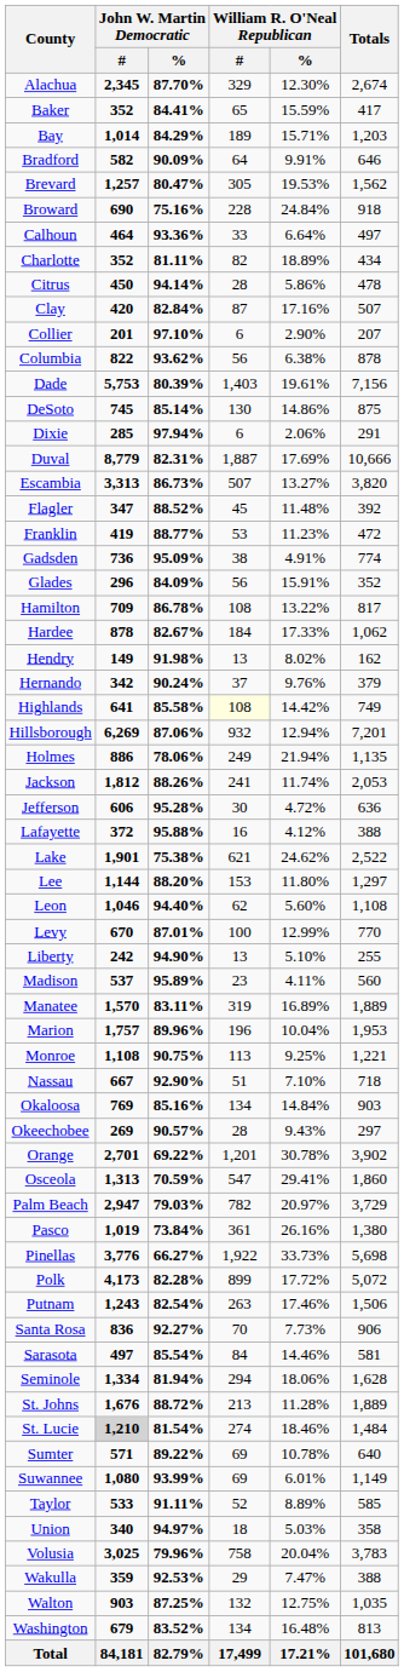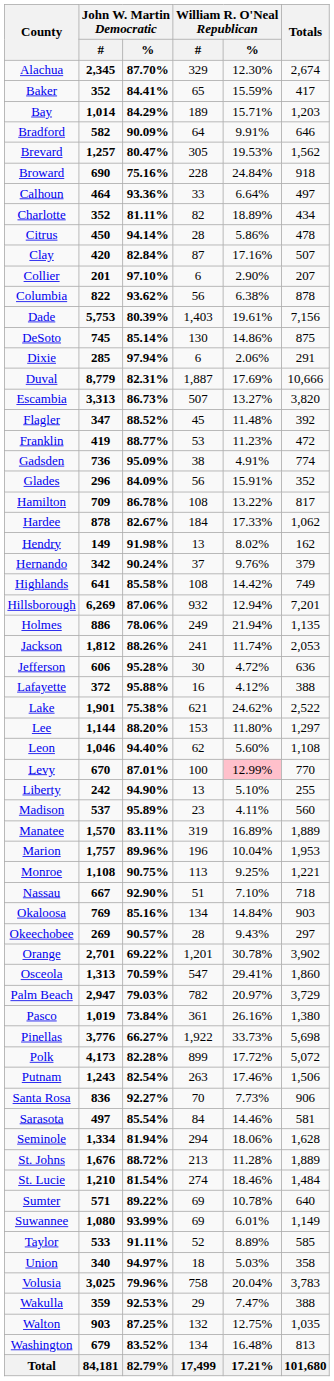 <table class="wikitable sortable">
 <tr>
 <th rowspan="2">County</th>
 <th colspan="2" style="text-align: center;" >John W. Martin <br><em>Democratic</em></th>
 <th colspan="2" style="text-align: center;" >William R. O'Neal  <br> <em>Republican</em></th>
 <th rowspan="2">Totals</th>
 </tr>
 <tr>
 <th colspan="1" style="text-align: center;" >#</th>
 <th colspan="1" style="text-align: center;" >%</th>
 <th colspan="1" style="text-align: center;" >#</th>
 <th colspan="1" style="text-align: center;" >%</th>
 </tr>
 <tr style="text-align:center;">
 <td><a href='#'>Alachua</a></td>
 <td><strong>2,345</strong></td>
 <td><strong>87.70%</strong></td>
 <td>329</td>
 <td>12.30%</td>
 <td>2,674</td>
 </tr>
 <tr style="text-align:center;">
 <td><a href='#'>Baker</a></td>
 <td><strong>352</strong></td>
 <td><strong>84.41%</strong></td>
 <td>65</td>
 <td>15.59%</td>
 <td>417</td>
 </tr>
 <tr style="text-align:center;">
 <td><a href='#'>Bay</a></td>
 <td><strong>1,014</strong></td>
 <td><strong>84.29%</strong></td>
 <td>189</td>
 <td>15.71%</td>
 <td>1,203</td>
 </tr>
 <tr style="text-align:center;">
 <td><a href='#'>Bradford</a></td>
 <td><strong>582</strong></td>
 <td><strong>90.09%</strong></td>
 <td>64</td>
 <td>9.91%</td>
 <td>646</td>
 </tr>
 <tr style="text-align:center;">
 <td><a href='#'>Brevard</a></td>
 <td><strong>1,257</strong></td>
 <td><strong>80.47%</strong></td>
 <td>305</td>
 <td>19.53%</td>
 <td>1,562</td>
 </tr>
 <tr style="text-align:center;">
 <td><a href='#'>Broward</a></td>
 <td><strong>690</strong></td>
 <td><strong>75.16%</strong></td>
 <td>228</td>
 <td>24.84%</td>
 <td>918</td>
 </tr>
 <tr style="text-align:center;">
 <td><a href='#'>Calhoun</a></td>
 <td><strong>464</strong></td>
 <td><strong>93.36%</strong></td>
 <td>33</td>
 <td>6.64%</td>
 <td>497</td>
 </tr>
 <tr style="text-align:center;">
 <td><a href='#'>Charlotte</a></td>
 <td><strong>352</strong></td>
 <td><strong>81.11%</strong></td>
 <td>82</td>
 <td>18.89%</td>
 <td>434</td>
 </tr>
 <tr style="text-align:center;">
 <td><a href='#'>Citrus</a></td>
 <td><strong>450</strong></td>
 <td><strong>94.14%</strong></td>
 <td>28</td>
 <td>5.86%</td>
 <td>478</td>
 </tr>
 <tr style="text-align:center;">
 <td><a href='#'>Clay</a></td>
 <td><strong>420</strong></td>
 <td><strong>82.84%</strong></td>
 <td>87</td>
 <td>17.16%</td>
 <td>507</td>
 </tr>
 <tr style="text-align:center;">
 <td><a href='#'>Collier</a></td>
 <td><strong>201</strong></td>
 <td><strong>97.10%</strong></td>
 <td>6</td>
 <td>2.90%</td>
 <td>207</td>
 </tr>
 <tr style="text-align:center;">
 <td><a href='#'>Columbia</a></td>
 <td><strong>822</strong></td>
 <td><strong>93.62%</strong></td>
 <td>56</td>
 <td>6.38%</td>
 <td>878</td>
 </tr>
 <tr style="text-align:center;">
 <td><a href='#'>Dade</a></td>
 <td><strong>5,753</strong></td>
 <td><strong>80.39%</strong></td>
 <td>1,403</td>
 <td>19.61%</td>
 <td>7,156</td>
 </tr>
 <tr style="text-align:center;">
 <td><a href='#'>DeSoto</a></td>
 <td><strong>745</strong></td>
 <td><strong>85.14%</strong></td>
 <td>130</td>
 <td>14.86%</td>
 <td>875</td>
 </tr>
 <tr style="text-align:center;">
 <td><a href='#'>Dixie</a></td>
 <td><strong>285</strong></td>
 <td><strong>97.94%</strong></td>
 <td>6</td>
 <td>2.06%</td>
 <td>291</td>
 </tr>
 <tr style="text-align:center;">
 <td><a href='#'>Duval</a></td>
 <td><strong>8,779</strong></td>
 <td><strong>82.31%</strong></td>
 <td>1,887</td>
 <td>17.69%</td>
 <td>10,666</td>
 </tr>
 <tr style="text-align:center;">
 <td><a href='#'>Escambia</a></td>
 <td><strong>3,313</strong></td>
 <td><strong>86.73%</strong></td>
 <td>507</td>
 <td>13.27%</td>
 <td>3,820</td>
 </tr>
 <tr style="text-align:center;">
 <td><a href='#'>Flagler</a></td>
 <td><strong>347</strong></td>
 <td><strong>88.52%</strong></td>
 <td>45</td>
 <td>11.48%</td>
 <td>392</td>
 </tr>
 <tr style="text-align:center;">
 <td><a href='#'>Franklin</a></td>
 <td><strong>419</strong></td>
 <td><strong>88.77%</strong></td>
 <td>53</td>
 <td>11.23%</td>
 <td>472</td>
 </tr>
 <tr style="text-align:center;">
 <td><a href='#'>Gadsden</a></td>
 <td><strong>736</strong></td>
 <td><strong>95.09%</strong></td>
 <td>38</td>
 <td>4.91%</td>
 <td>774</td>
 </tr>
 <tr style="text-align:center;">
 <td><a href='#'>Glades</a></td>
 <td><strong>296</strong></td>
 <td><strong>84.09%</strong></td>
 <td>56</td>
 <td>15.91%</td>
 <td>352</td>
 </tr>
 <tr style="text-align:center;">
 <td><a href='#'>Hamilton</a></td>
 <td><strong>709</strong></td>
 <td><strong>86.78%</strong></td>
 <td>108</td>
 <td>13.22%</td>
 <td>817</td>
 </tr>
 <tr style="text-align:center;">
 <td><a href='#'>Hardee</a></td>
 <td><strong>878</strong></td>
 <td><strong>82.67%</strong></td>
 <td>184</td>
 <td>17.33%</td>
 <td>1,062</td>
 </tr>
 <tr style="text-align:center;">
 <td><a href='#'>Hendry</a></td>
 <td><strong>149</strong></td>
 <td><strong>91.98%</strong></td>
 <td>13</td>
 <td>8.02%</td>
 <td>162</td>
 </tr>
 <tr style="text-align:center;">
 <td><a href='#'>Hernando</a></td>
 <td><strong>342</strong></td>
 <td><strong>90.24%</strong></td>
 <td>37</td>
 <td>9.76%</td>
 <td>379</td>
 </tr>
 <tr style="text-align:center;">
 <td><a href='#'>Highlands</a></td>
 <td><strong>641</strong></td>
 <td><strong>85.58%</strong></td>
-<td style="background: lightyellow;">108</td>
+<td>108</td>
 <td>14.42%</td>
 <td>749</td>
 </tr>
 <tr style="text-align:center;">
 <td><a href='#'>Hillsborough</a></td>
 <td><strong>6,269</strong></td>
 <td><strong>87.06%</strong></td>
 <td>932</td>
 <td>12.94%</td>
 <td>7,201</td>
 </tr>
 <tr style="text-align:center;">
 <td><a href='#'>Holmes</a></td>
 <td><strong>886</strong></td>
 <td><strong>78.06%</strong></td>
 <td>249</td>
 <td>21.94%</td>
 <td>1,135</td>
 </tr>
 <tr style="text-align:center;">
 <td><a href='#'>Jackson</a></td>
 <td><strong>1,812</strong></td>
 <td><strong>88.26%</strong></td>
 <td>241</td>
 <td>11.74%</td>
 <td>2,053</td>
 </tr>
 <tr style="text-align:center;">
 <td><a href='#'>Jefferson</a></td>
 <td><strong>606</strong></td>
 <td><strong>95.28%</strong></td>
 <td>30</td>
 <td>4.72%</td>
 <td>636</td>
 </tr>
 <tr style="text-align:center;">
 <td><a href='#'>Lafayette</a></td>
 <td><strong>372</strong></td>
 <td><strong>95.88%</strong></td>
 <td>16</td>
 <td>4.12%</td>
 <td>388</td>
 </tr>
 <tr style="text-align:center;">
 <td><a href='#'>Lake</a></td>
 <td><strong>1,901</strong></td>
 <td><strong>75.38%</strong></td>
 <td>621</td>
 <td>24.62%</td>
 <td>2,522</td>
 </tr>
 <tr style="text-align:center;">
 <td><a href='#'>Lee</a></td>
 <td><strong>1,144</strong></td>
 <td><strong>88.20%</strong></td>
 <td>153</td>
 <td>11.80%</td>
 <td>1,297</td>
 </tr>
 <tr style="text-align:center;">
 <td><a href='#'>Leon</a></td>
 <td><strong>1,046</strong></td>
 <td><strong>94.40%</strong></td>
 <td>62</td>
 <td>5.60%</td>
 <td>1,108</td>
 </tr>
 <tr style="text-align:center;">
 <td><a href='#'>Levy</a></td>
 <td><strong>670</strong></td>
 <td><strong>87.01%</strong></td>
 <td>100</td>
-<td>12.99%</td>
+<td style="background: pink;">12.99%</td>
 <td>770</td>
 </tr>
 <tr style="text-align:center;">
 <td><a href='#'>Liberty</a></td>
 <td><strong>242</strong></td>
 <td><strong>94.90%</strong></td>
 <td>13</td>
 <td>5.10%</td>
 <td>255</td>
 </tr>
 <tr style="text-align:center;">
 <td><a href='#'>Madison</a></td>
 <td><strong>537</strong></td>
 <td><strong>95.89%</strong></td>
 <td>23</td>
 <td>4.11%</td>
 <td>560</td>
 </tr>
 <tr style="text-align:center;">
 <td><a href='#'>Manatee</a></td>
 <td><strong>1,570</strong></td>
 <td><strong>83.11%</strong></td>
 <td>319</td>
 <td>16.89%</td>
 <td>1,889</td>
 </tr>
 <tr style="text-align:center;">
 <td><a href='#'>Marion</a></td>
 <td><strong>1,757</strong></td>
 <td><strong>89.96%</strong></td>
 <td>196</td>
 <td>10.04%</td>
 <td>1,953</td>
 </tr>
 <tr style="text-align:center;">
 <td><a href='#'>Monroe</a></td>
 <td><strong>1,108</strong></td>
 <td><strong>90.75%</strong></td>
 <td>113</td>
 <td>9.25%</td>
 <td>1,221</td>
 </tr>
 <tr style="text-align:center;">
 <td><a href='#'>Nassau</a></td>
 <td><strong>667</strong></td>
 <td><strong>92.90%</strong></td>
 <td>51</td>
 <td>7.10%</td>
 <td>718</td>
 </tr>
 <tr style="text-align:center;">
 <td><a href='#'>Okaloosa</a></td>
 <td><strong>769</strong></td>
 <td><strong>85.16%</strong></td>
 <td>134</td>
 <td>14.84%</td>
 <td>903</td>
 </tr>
 <tr style="text-align:center;">
 <td><a href='#'>Okeechobee</a></td>
 <td><strong>269</strong></td>
 <td><strong>90.57%</strong></td>
 <td>28</td>
 <td>9.43%</td>
 <td>297</td>
 </tr>
 <tr style="text-align:center;">
 <td><a href='#'>Orange</a></td>
 <td><strong>2,701</strong></td>
 <td><strong>69.22%</strong></td>
 <td>1,201</td>
 <td>30.78%</td>
 <td>3,902</td>
 </tr>
 <tr style="text-align:center;">
 <td><a href='#'>Osceola</a></td>
 <td><strong>1,313</strong></td>
 <td><strong>70.59%</strong></td>
 <td>547</td>
 <td>29.41%</td>
 <td>1,860</td>
 </tr>
 <tr style="text-align:center;">
 <td><a href='#'>Palm Beach</a></td>
 <td><strong>2,947</strong></td>
 <td><strong>79.03%</strong></td>
 <td>782</td>
 <td>20.97%</td>
 <td>3,729</td>
 </tr>
 <tr style="text-align:center;">
 <td><a href='#'>Pasco</a></td>
 <td><strong>1,019</strong></td>
 <td><strong>73.84%</strong></td>
 <td>361</td>
 <td>26.16%</td>
 <td>1,380</td>
 </tr>
 <tr style="text-align:center;">
 <td><a href='#'>Pinellas</a></td>
 <td><strong>3,776</strong></td>
 <td><strong>66.27%</strong></td>
 <td>1,922</td>
 <td>33.73%</td>
 <td>5,698</td>
 </tr>
 <tr style="text-align:center;">
 <td><a href='#'>Polk</a></td>
 <td><strong>4,173</strong></td>
 <td><strong>82.28%</strong></td>
 <td>899</td>
 <td>17.72%</td>
 <td>5,072</td>
 </tr>
 <tr style="text-align:center;">
 <td><a href='#'>Putnam</a></td>
 <td><strong>1,243</strong></td>
 <td><strong>82.54%</strong></td>
 <td>263</td>
 <td>17.46%</td>
 <td>1,506</td>
 </tr>
 <tr style="text-align:center;">
 <td><a href='#'>Santa Rosa</a></td>
 <td><strong>836</strong></td>
 <td><strong>92.27%</strong></td>
 <td>70</td>
 <td>7.73%</td>
 <td>906</td>
 </tr>
 <tr style="text-align:center;">
 <td><a href='#'>Sarasota</a></td>
 <td><strong>497</strong></td>
 <td><strong>85.54%</strong></td>
 <td>84</td>
 <td>14.46%</td>
 <td>581</td>
 </tr>
 <tr style="text-align:center;">
 <td><a href='#'>Seminole</a></td>
 <td><strong>1,334</strong></td>
 <td><strong>81.94%</strong></td>
 <td>294</td>
 <td>18.06%</td>
 <td>1,628</td>
 </tr>
 <tr style="text-align:center;">
 <td><a href='#'>St. Johns</a></td>
 <td><strong>1,676</strong></td>
 <td><strong>88.72%</strong></td>
 <td>213</td>
 <td>11.28%</td>
 <td>1,889</td>
 </tr>
 <tr style="text-align:center;">
 <td><a href='#'>St. Lucie</a></td>
-<td style="background: lightgrey;"><strong>1,210</strong></td>
+<td><strong>1,210</strong></td>
 <td><strong>81.54%</strong></td>
 <td>274</td>
 <td>18.46%</td>
 <td>1,484</td>
 </tr>
 <tr style="text-align:center;">
 <td><a href='#'>Sumter</a></td>
 <td><strong>571</strong></td>
 <td><strong>89.22%</strong></td>
 <td>69</td>
 <td>10.78%</td>
 <td>640</td>
 </tr>
 <tr style="text-align:center;">
 <td><a href='#'>Suwannee</a></td>
 <td><strong>1,080</strong></td>
 <td><strong>93.99%</strong></td>
 <td>69</td>
 <td>6.01%</td>
 <td>1,149</td>
 </tr>
 <tr style="text-align:center;">
 <td><a href='#'>Taylor</a></td>
 <td><strong>533</strong></td>
 <td><strong>91.11%</strong></td>
 <td>52</td>
 <td>8.89%</td>
 <td>585</td>
 </tr>
 <tr style="text-align:center;">
 <td><a href='#'>Union</a></td>
 <td><strong>340</strong></td>
 <td><strong>94.97%</strong></td>
 <td>18</td>
 <td>5.03%</td>
 <td>358</td>
 </tr>
 <tr style="text-align:center;">
 <td><a href='#'>Volusia</a></td>
 <td><strong>3,025</strong></td>
 <td><strong>79.96%</strong></td>
 <td>758</td>
 <td>20.04%</td>
 <td>3,783</td>
 </tr>
 <tr style="text-align:center;">
 <td><a href='#'>Wakulla</a></td>
 <td><strong>359</strong></td>
 <td><strong>92.53%</strong></td>
 <td>29</td>
 <td>7.47%</td>
 <td>388</td>
 </tr>
 <tr style="text-align:center;">
 <td><a href='#'>Walton</a></td>
 <td><strong>903</strong></td>
 <td><strong>87.25%</strong></td>
 <td>132</td>
 <td>12.75%</td>
 <td>1,035</td>
 </tr>
 <tr style="text-align:center;">
 <td><a href='#'>Washington</a></td>
 <td><strong>679</strong></td>
 <td><strong>83.52%</strong></td>
 <td>134</td>
 <td>16.48%</td>
 <td>813</td>
 </tr>
 <tr style="text-align:center;">
 <th><strong>Total</strong></th>
 <th><strong>84,181</strong></th>
 <th><strong>82.79%</strong></th>
 <th>17,499</th>
 <th>17.21%</th>
 <th>101,680</th>
 </tr>
 </table>
